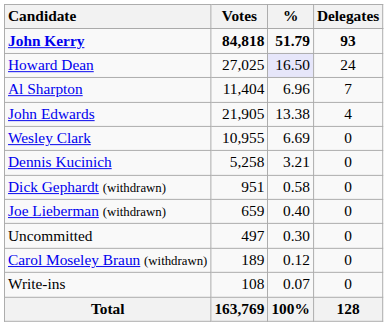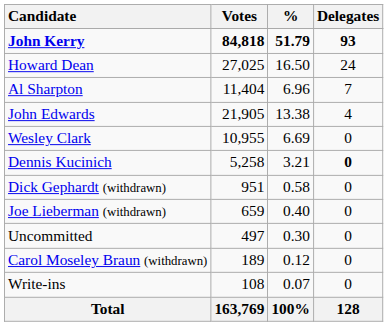 <table class="wikitable sortable plainrowheaders" style="text-align:right;">
 <tr>
 <th style="text-align:left;">Candidate</th>
 <th>Votes</th>
 <th>%</th>
 <th>Delegates</th>
 </tr>
 <tr>
 </tr>
 <tr>
 <td style="text-align:left;"><strong><a href='#'>John Kerry</a></strong></td>
 <td><strong>84,818</strong></td>
 <td><strong>51.79</strong></td>
 <td style="text-align:center;"><strong>93</strong></td>
 </tr>
 <tr>
 <td style="text-align:left;"><a href='#'>Howard Dean</a></td>
 <td>27,025</td>
-<td style="background: lavender;">16.50</td>
+<td>16.50</td>
 <td style="text-align:center;">24</td>
 </tr>
 <tr>
 <td style="text-align:left;"><a href='#'>Al Sharpton</a></td>
 <td>11,404</td>
 <td>6.96</td>
 <td style="text-align:center;">7</td>
 </tr>
 <tr>
 <td style="text-align:left;"><a href='#'>John Edwards</a></td>
 <td>21,905</td>
 <td>13.38</td>
 <td style="text-align:center;">4</td>
 </tr>
 <tr>
 <td style="text-align:left;"><a href='#'>Wesley Clark</a></td>
 <td>10,955</td>
 <td>6.69</td>
 <td style="text-align:center;">0</td>
 </tr>
 <tr>
 <td style="text-align:left;"><a href='#'>Dennis Kucinich</a></td>
 <td>5,258</td>
 <td>3.21</td>
-<td style="text-align:center;">0</td>
+<td style="text-align:center;"><strong>0</strong></td>
 </tr>
 <tr>
 <td style="text-align:left;"><a href='#'>Dick Gephardt</a> <small>(withdrawn)</small></td>
 <td>951</td>
 <td>0.58</td>
 <td style="text-align:center;">0</td>
 </tr>
 <tr>
 <td style="text-align:left;"><a href='#'>Joe Lieberman</a> <small>(withdrawn)</small></td>
 <td>659</td>
 <td>0.40</td>
 <td style="text-align:center;">0</td>
 </tr>
 <tr>
 <td style="text-align:left;">Uncommitted</td>
 <td>497</td>
 <td>0.30</td>
 <td style="text-align:center;">0</td>
 </tr>
 <tr>
 <td style="text-align:left;"><a href='#'>Carol Moseley Braun</a> <small>(withdrawn)</small></td>
 <td>189</td>
 <td>0.12</td>
 <td style="text-align:center;">0</td>
 </tr>
 <tr>
 <td style="text-align:left;">Write-ins</td>
 <td>108</td>
 <td>0.07</td>
 <td style="text-align:center;">0</td>
 </tr>
 <tr class="sortbottom">
 <th>Total</th>
 <th>163,769</th>
 <th>100%</th>
 <th>128</th>
 </tr>
 </table>
